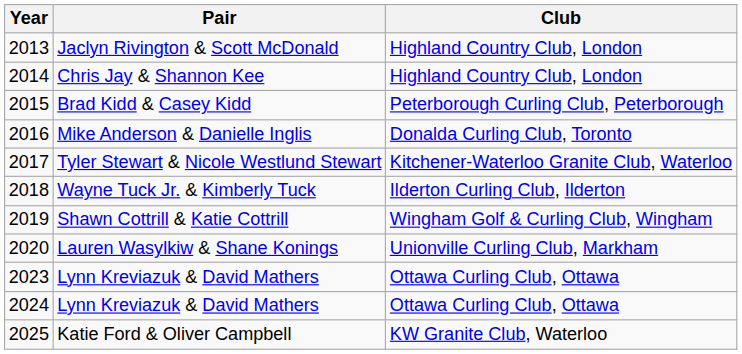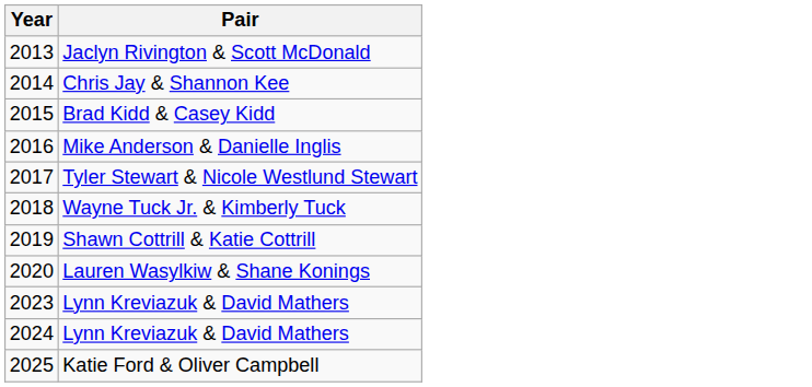 <table class="wikitable">
 <tr>
 <th>Year</th>
 <th>Pair</th>
-<th>Club</th>
 </tr>
 <tr>
 <td>2013</td>
 <td><a href='#'>Jaclyn Rivington</a> & <a href='#'>Scott McDonald</a></td>
-<td><a href='#'>Highland Country Club</a>, <a href='#'>London</a></td>
 </tr>
 <tr>
 <td>2014</td>
 <td><a href='#'>Chris Jay</a> & <a href='#'>Shannon Kee</a></td>
-<td><a href='#'>Highland Country Club</a>, <a href='#'>London</a></td>
 </tr>
 <tr>
 <td>2015</td>
 <td><a href='#'>Brad Kidd</a> & <a href='#'>Casey Kidd</a></td>
-<td><a href='#'>Peterborough Curling Club</a>, <a href='#'>Peterborough</a></td>
 </tr>
 <tr>
 <td>2016</td>
 <td><a href='#'>Mike Anderson</a> & <a href='#'>Danielle Inglis</a></td>
-<td><a href='#'>Donalda Curling Club</a>, <a href='#'>Toronto</a></td>
 </tr>
 <tr>
 <td>2017</td>
 <td><a href='#'>Tyler Stewart</a> & <a href='#'>Nicole Westlund Stewart</a></td>
-<td><a href='#'>Kitchener-Waterloo Granite Club</a>, <a href='#'>Waterloo</a></td>
 </tr>
 <tr>
 <td>2018</td>
 <td><a href='#'>Wayne Tuck Jr.</a> & <a href='#'>Kimberly Tuck</a></td>
-<td><a href='#'>Ilderton Curling Club</a>, <a href='#'>Ilderton</a></td>
 </tr>
 <tr>
 <td>2019</td>
 <td><a href='#'>Shawn Cottrill</a> & <a href='#'>Katie Cottrill</a></td>
-<td><a href='#'>Wingham Golf & Curling Club</a>, <a href='#'>Wingham</a></td>
 </tr>
 <tr>
 <td>2020</td>
 <td><a href='#'>Lauren Wasylkiw</a> & <a href='#'>Shane Konings</a></td>
-<td><a href='#'>Unionville Curling Club</a>, <a href='#'>Markham</a></td>
 </tr>
 <tr>
 <td>2023</td>
 <td><a href='#'>Lynn Kreviazuk</a> & <a href='#'>David Mathers</a></td>
-<td><a href='#'>Ottawa Curling Club</a>, <a href='#'>Ottawa</a></td>
 </tr>
 <tr>
 <td>2024</td>
 <td><a href='#'>Lynn Kreviazuk</a> & <a href='#'>David Mathers</a></td>
-<td><a href='#'>Ottawa Curling Club</a>, <a href='#'>Ottawa</a></td>
 </tr>
 <tr>
 <td>2025</td>
 <td>Katie Ford & Oliver Campbell</td>
-<td><a href='#'>KW Granite Club</a>, Waterloo</td>
 </tr>
 </table>
